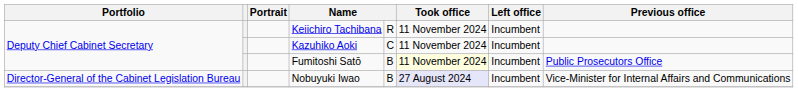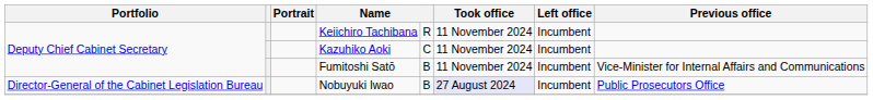 <table class="wikitable">
 <tr>
 <th>Portfolio</th>
 <th></th>
 <th>Portrait</th>
 <th colspan=2>Name</th>
 <th>Took office</th>
 <th>Left office</th>
 <th>Previous office</th>
 </tr>
 <tr>
 <td rowspan=3><a href='#'>Deputy Chief Cabinet Secretary</a></td>
 <th style="color:inherit;background-color: "></th>
 <td style="text-align:center;"></td>
 <td><a href='#'>Keiichiro Tachibana</a></td>
 <td>R</td>
 <td>11 November 2024</td>
 <td>Incumbent</td>
 <td></td>
 </tr>
 <tr>
 <th style="color:inherit;background-color: "></th>
 <td style="text-align:center;"></td>
 <td><a href='#'>Kazuhiko Aoki</a></td>
 <td>C</td>
 <td>11 November 2024</td>
 <td>Incumbent</td>
 <td></td>
 </tr>
 <tr>
 <th></th>
 <td style="text-align:center;"></td>
 <td>Fumitoshi Satō</td>
 <td>B</td>
-<td style="background: lightyellow;">11 November 2024</td>
+<td>11 November 2024</td>
 <td>Incumbent</td>
-<td><a href='#'>Public Prosecutors Office</a></td>
+<td>Vice-Minister for Internal Affairs and Communications</td>
 </tr>
 <tr>
 <td><a href='#'>Director-General of the Cabinet Legislation Bureau</a></td>
 <th></th>
 <td style="text-align:center;"></td>
 <td>Nobuyuki Iwao</td>
 <td>B</td>
 <td style="background: lavender;">27 August 2024</td>
 <td>Incumbent</td>
-<td>Vice-Minister for Internal Affairs and Communications</td>
+<td><a href='#'>Public Prosecutors Office</a></td>
 </tr>
 <tr>
 </tr>
 </table>
